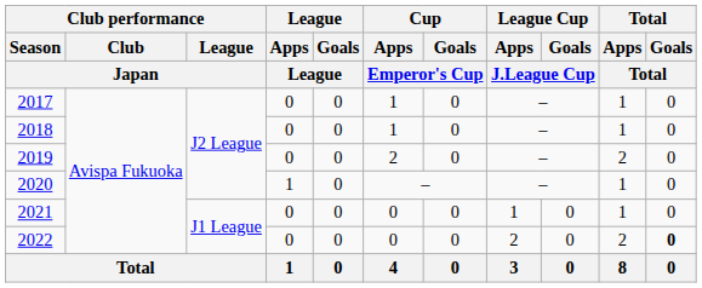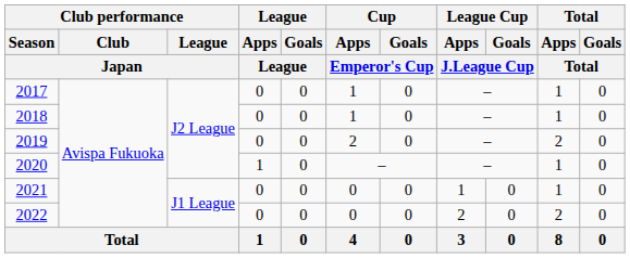 <table class="wikitable" style="text-align:center;">
 <tr>
 <th colspan=3>Club performance</th>
 <th colspan=2>League</th>
 <th colspan=2>Cup</th>
 <th colspan=2>League Cup</th>
 <th colspan=2>Total</th>
 </tr>
 <tr>
 <th>Season</th>
 <th>Club</th>
 <th>League</th>
 <th>Apps</th>
 <th>Goals</th>
 <th>Apps</th>
 <th>Goals</th>
 <th>Apps</th>
 <th>Goals</th>
 <th>Apps</th>
 <th>Goals</th>
 </tr>
 <tr>
 <th colspan=3>Japan</th>
 <th colspan=2>League</th>
 <th colspan=2><a href='#'>Emperor's Cup</a></th>
 <th colspan=2><a href='#'>J.League Cup</a></th>
 <th colspan=2>Total</th>
 </tr>
 <tr>
 <td><a href='#'>2017</a></td>
 <td rowspan="6"><a href='#'>Avispa Fukuoka</a></td>
 <td rowspan="4"><a href='#'>J2 League</a></td>
 <td>0</td>
 <td>0</td>
 <td>1</td>
 <td>0</td>
 <td colspan=2>–</td>
 <td>1</td>
 <td>0</td>
 </tr>
 <tr>
 <td><a href='#'>2018</a></td>
 <td>0</td>
 <td>0</td>
 <td>1</td>
 <td>0</td>
 <td colspan=2>–</td>
 <td>1</td>
 <td>0</td>
 </tr>
 <tr>
 <td><a href='#'>2019</a></td>
 <td>0</td>
 <td>0</td>
 <td>2</td>
 <td>0</td>
 <td colspan=2>–</td>
 <td>2</td>
 <td>0</td>
 </tr>
 <tr>
 <td><a href='#'>2020</a></td>
 <td>1</td>
 <td>0</td>
 <td colspan="2">–</td>
 <td colspan="2">–</td>
 <td>1</td>
 <td>0</td>
 </tr>
 <tr>
 <td><a href='#'>2021</a></td>
 <td rowspan="2"><a href='#'>J1 League</a></td>
 <td>0</td>
 <td>0</td>
 <td>0</td>
 <td>0</td>
 <td>1</td>
 <td>0</td>
 <td>1</td>
 <td>0</td>
 </tr>
 <tr>
 <td><a href='#'>2022</a></td>
 <td>0</td>
 <td>0</td>
 <td>0</td>
 <td>0</td>
 <td>2</td>
 <td>0</td>
 <td>2</td>
-<td><strong>0</strong></td>
+<td>0</td>
 </tr>
 <tr>
 <th colspan="3">Total</th>
 <th>1</th>
 <th>0</th>
 <th>4</th>
 <th>0</th>
 <th>3</th>
 <th>0</th>
 <th>8</th>
 <th>0</th>
 </tr>
 </table>
